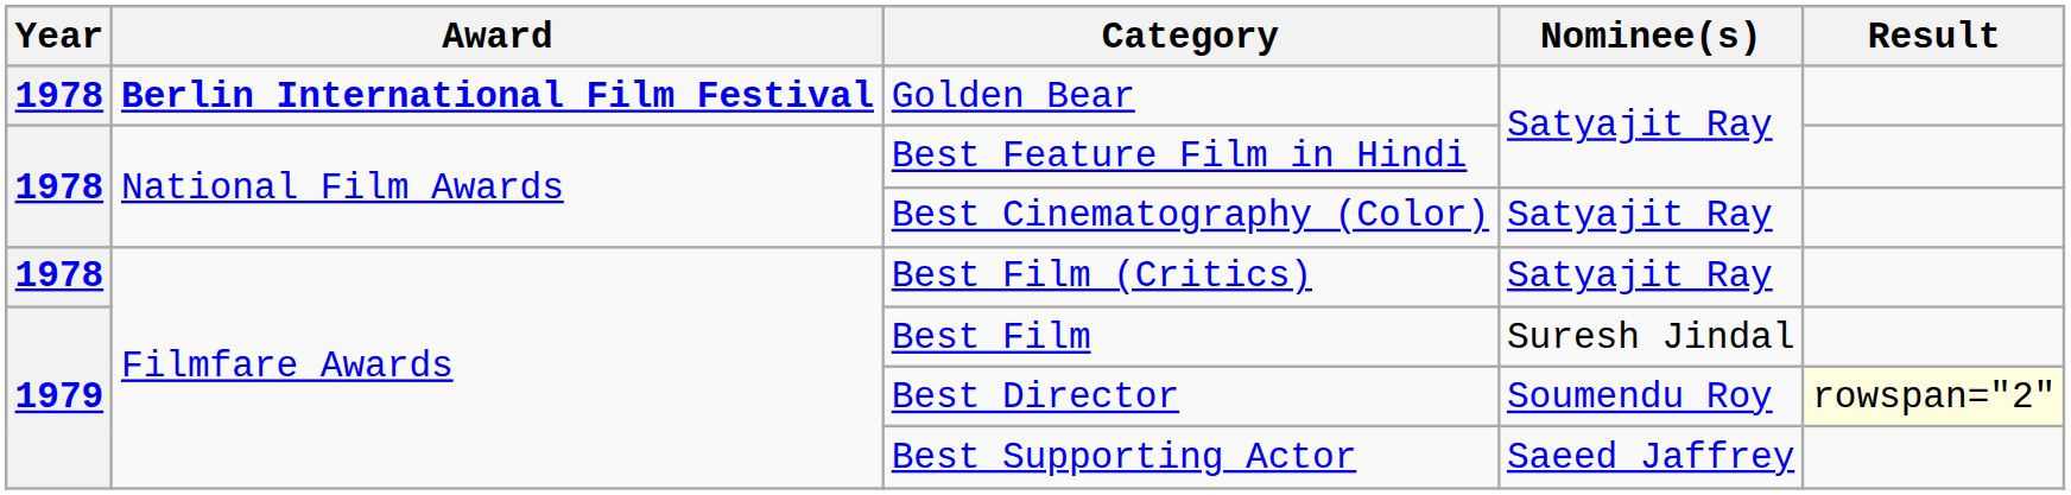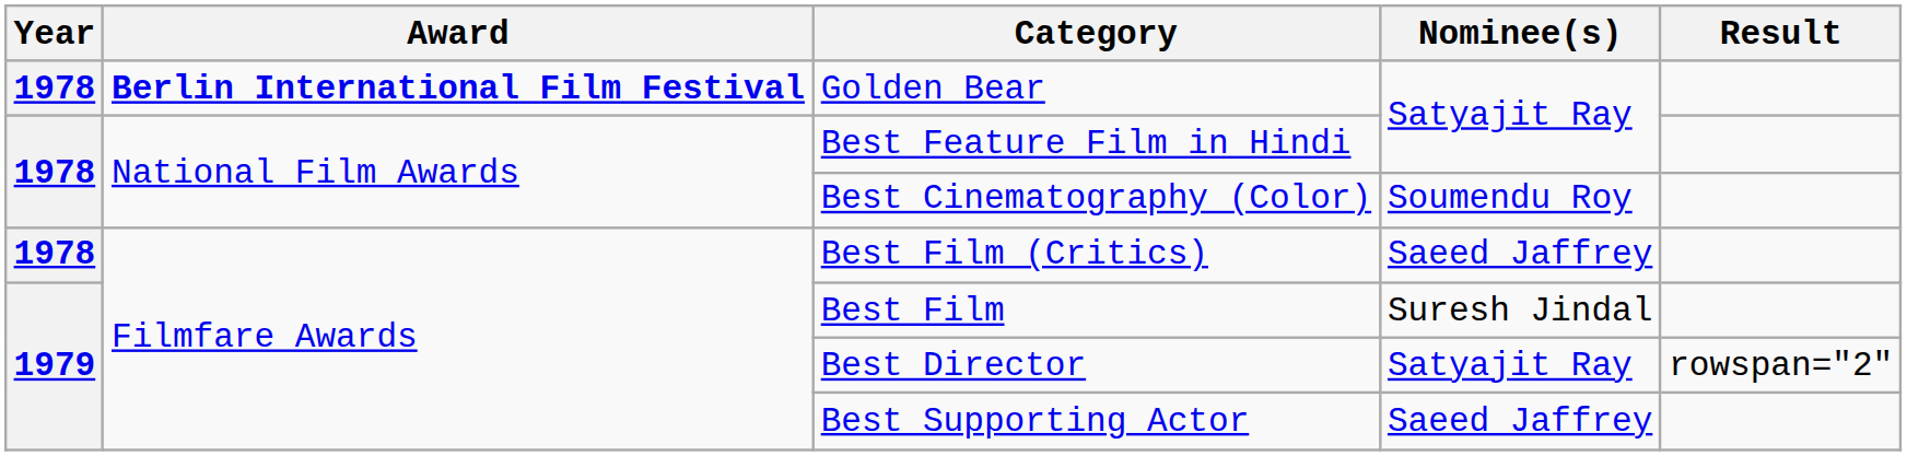 <table class="wikitable plainrowheaders sortable">
 <tr>
 <th>Year</th>
 <th>Award</th>
 <th>Category</th>
 <th>Nominee(s)</th>
 <th>Result</th>
 </tr>
 <tr>
 <th><a href='#'>1978</a></th>
 <td><strong><a href='#'>Berlin International Film Festival</a></strong></td>
 <td><a href='#'>Golden Bear</a></td>
 <td rowspan="2"><a href='#'>Satyajit Ray</a></td>
 <td></td>
 </tr>
 <tr>
 <th rowspan="2"><a href='#'>1978</a></th>
 <td rowspan="2"><a href='#'>National Film Awards</a></td>
 <td><a href='#'>Best Feature Film in Hindi</a></td>
 <td></td>
 </tr>
 <tr>
 <td><a href='#'>Best Cinematography (Color)</a></td>
-<td><a href='#'>Satyajit Ray</a></td>
+<td><a href='#'>Soumendu Roy</a></td>
 <td></td>
 </tr>
 <tr>
 <th><a href='#'>1978</a></th>
 <td rowspan="4"><a href='#'>Filmfare Awards</a></td>
 <td><a href='#'>Best Film (Critics)</a></td>
-<td><a href='#'>Satyajit Ray</a></td>
+<td><a href='#'>Saeed Jaffrey</a></td>
 <td></td>
 </tr>
 <tr>
 <th rowspan="3"><a href='#'>1979</a></th>
 <td><a href='#'>Best Film</a></td>
 <td>Suresh Jindal</td>
 <td></td>
 </tr>
 <tr>
 <td><a href='#'>Best Director</a></td>
-<td><a href='#'>Soumendu Roy</a></td>
-<td style="background: lightyellow;">rowspan="2"</td>
+<td><a href='#'>Satyajit Ray</a></td>
+<td>rowspan="2"</td>
 </tr>
 <tr>
 <td><a href='#'>Best Supporting Actor</a></td>
 <td><a href='#'>Saeed Jaffrey</a></td>
 </tr>
 </table>
